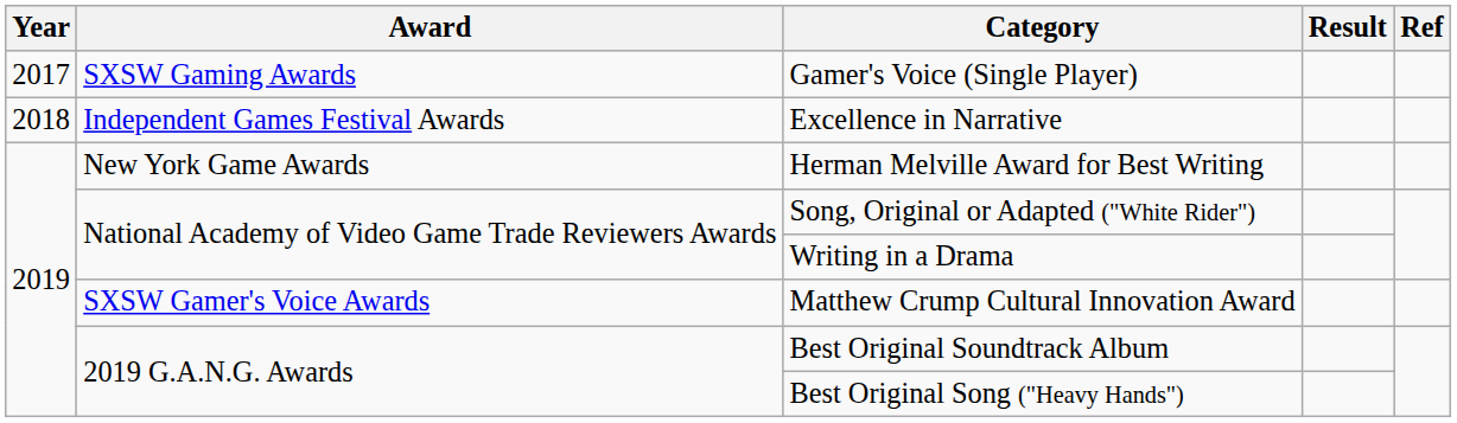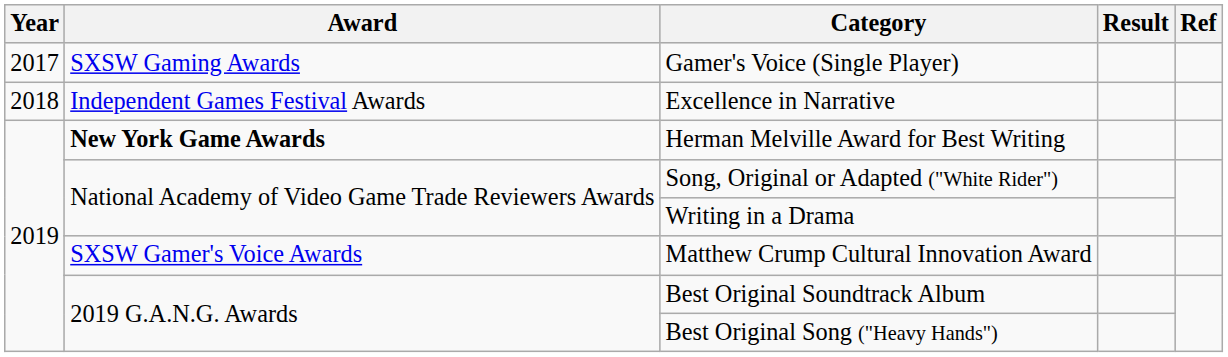 <table class="wikitable sortable">
 <tr>
 <th>Year</th>
 <th>Award</th>
 <th>Category</th>
 <th>Result</th>
 <th>Ref</th>
 </tr>
 <tr>
 <td style="text-align:center;" rowspan="1">2017</td>
 <td><a href='#'>SXSW Gaming Awards</a></td>
 <td>Gamer's Voice (Single Player)</td>
 <td></td>
 <td style="text-align:center;"></td>
 </tr>
 <tr>
 <td style="text-align:center;" rowspan="1">2018</td>
 <td><a href='#'>Independent Games Festival</a> Awards</td>
 <td>Excellence in Narrative</td>
 <td></td>
 <td style="text-align:center;"></td>
 </tr>
 <tr>
 <td style="text-align:center;" rowspan="6">2019</td>
-<td>New York Game Awards</td>
+<td><strong>New York Game Awards</strong></td>
 <td>Herman Melville Award for Best Writing</td>
 <td></td>
 <td style="text-align:center;"></td>
 </tr>
 <tr>
 <td rowspan="2">National Academy of Video Game Trade Reviewers Awards</td>
 <td>Song, Original or Adapted <small>("White Rider")</small></td>
 <td></td>
 <td rowspan="2" style="text-align:center;"></td>
 </tr>
 <tr>
 <td>Writing in a Drama</td>
 <td></td>
 </tr>
 <tr>
 <td><a href='#'>SXSW Gamer's Voice Awards</a></td>
 <td>Matthew Crump Cultural Innovation Award</td>
 <td></td>
 <td style="text-align:center;"></td>
 </tr>
 <tr>
 <td rowspan="2">2019 G.A.N.G. Awards</td>
 <td>Best Original Soundtrack Album</td>
 <td></td>
 <td rowspan="2" style="text-align:center;"></td>
 </tr>
 <tr>
 <td>Best Original Song <small>("Heavy Hands")</small></td>
 <td></td>
 </tr>
 </table>
